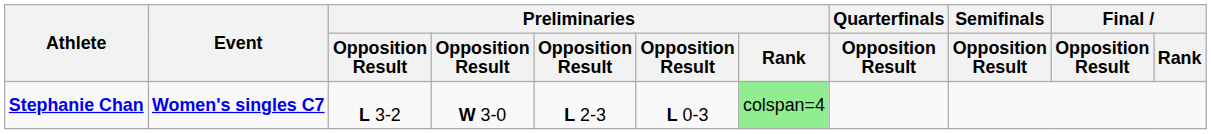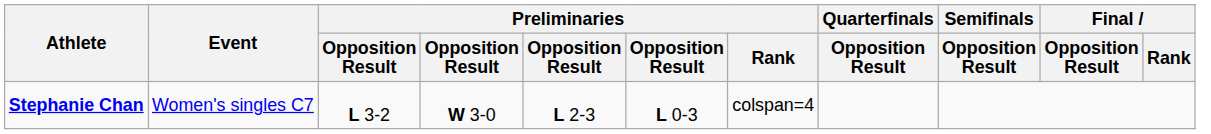 <table class=wikitable style="font-size:90%">
 <tr>
 <th rowspan="2">Athlete</th>
 <th rowspan="2">Event</th>
 <th colspan="5">Preliminaries</th>
 <th>Quarterfinals</th>
 <th>Semifinals</th>
 <th colspan="2">Final / </th>
 </tr>
 <tr>
 <th>Opposition<br>Result</th>
 <th>Opposition<br>Result</th>
 <th>Opposition<br>Result</th>
 <th>Opposition<br>Result</th>
 <th>Rank</th>
 <th>Opposition<br>Result</th>
 <th>Opposition<br>Result</th>
 <th>Opposition<br>Result</th>
 <th>Rank</th>
 </tr>
 <tr>
 <td><strong><a href='#'>Stephanie Chan</a></strong></td>
-<td><strong><a href='#'>Women's singles C7</a></strong></td>
+<td><a href='#'>Women's singles C7</a></td>
 <td align="center"><br><strong>L</strong> 3-2</td>
 <td align="center"><br><strong>W</strong> 3-0</td>
 <td align="center"><br><strong>L</strong> 2-3</td>
 <td align="center"><br><strong>L</strong> 0-3</td>
-<td style="background: lightgreen;">colspan=4 </td>
+<td>colspan=4 </td>
 <td align="center"></td>
 </tr>
 </table>
